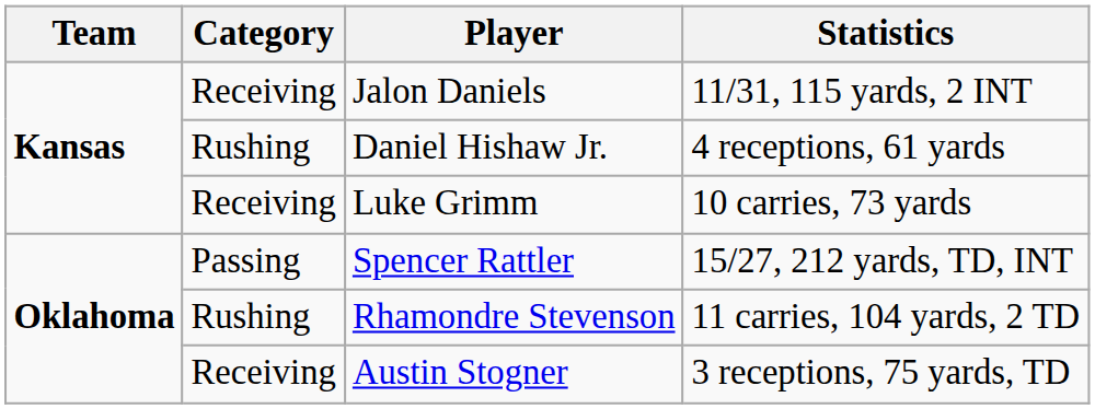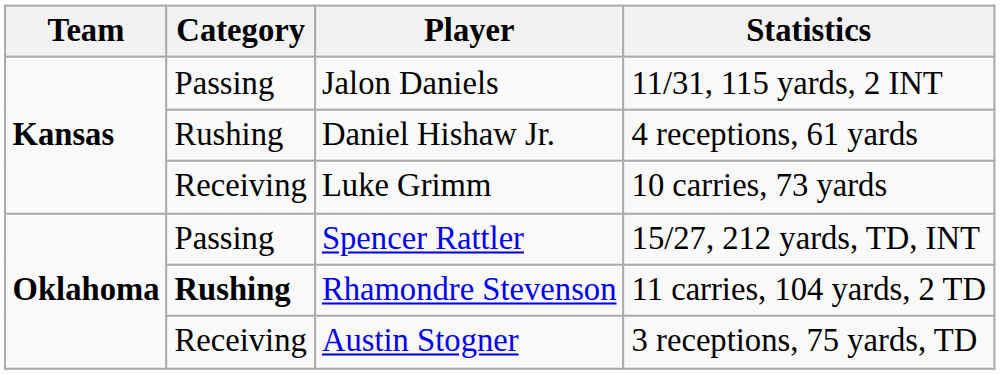 <table class="wikitable" style="float: left;">
 <tr>
 <th>Team</th>
 <th>Category</th>
 <th>Player</th>
 <th>Statistics</th>
 </tr>
 <tr>
 <td rowspan=3><strong>Kansas</strong></td>
-<td>Receiving</td>
+<td>Passing</td>
 <td>Jalon Daniels</td>
 <td>11/31, 115 yards, 2 INT</td>
 </tr>
 <tr>
 <td>Rushing</td>
 <td>Daniel Hishaw Jr.</td>
 <td>4 receptions, 61 yards</td>
 </tr>
 <tr>
 <td>Receiving</td>
 <td>Luke Grimm</td>
 <td>10 carries, 73 yards</td>
 </tr>
 <tr>
 <td rowspan=3><strong>Oklahoma</strong></td>
 <td>Passing</td>
 <td><a href='#'>Spencer Rattler</a></td>
 <td>15/27, 212 yards, TD, INT</td>
 </tr>
 <tr>
-<td>Rushing</td>
+<td><strong>Rushing</strong></td>
 <td><a href='#'>Rhamondre Stevenson</a></td>
 <td>11 carries, 104 yards, 2 TD</td>
 </tr>
 <tr>
 <td>Receiving</td>
 <td><a href='#'>Austin Stogner</a></td>
 <td>3 receptions, 75 yards, TD</td>
 </tr>
 </table>
